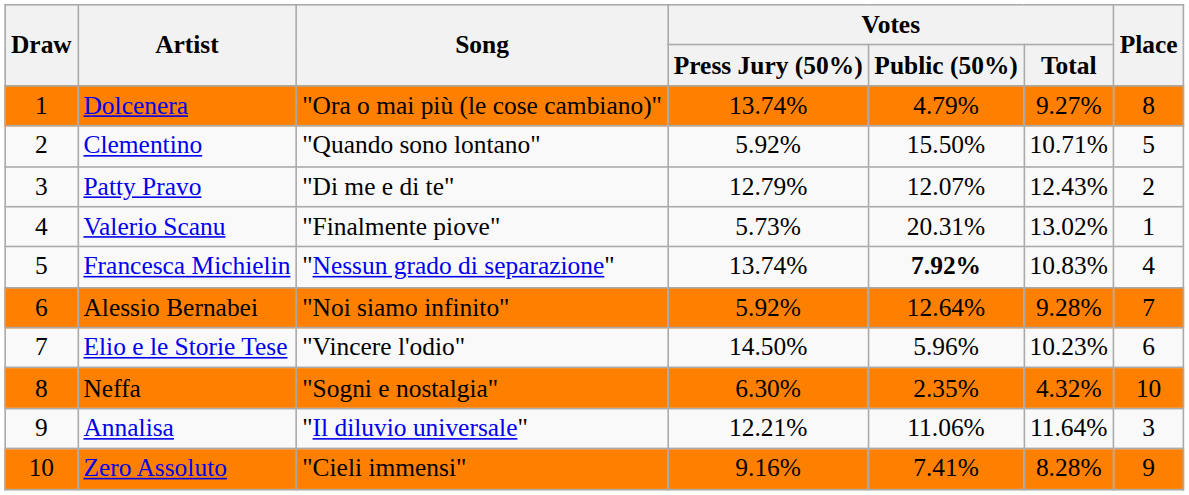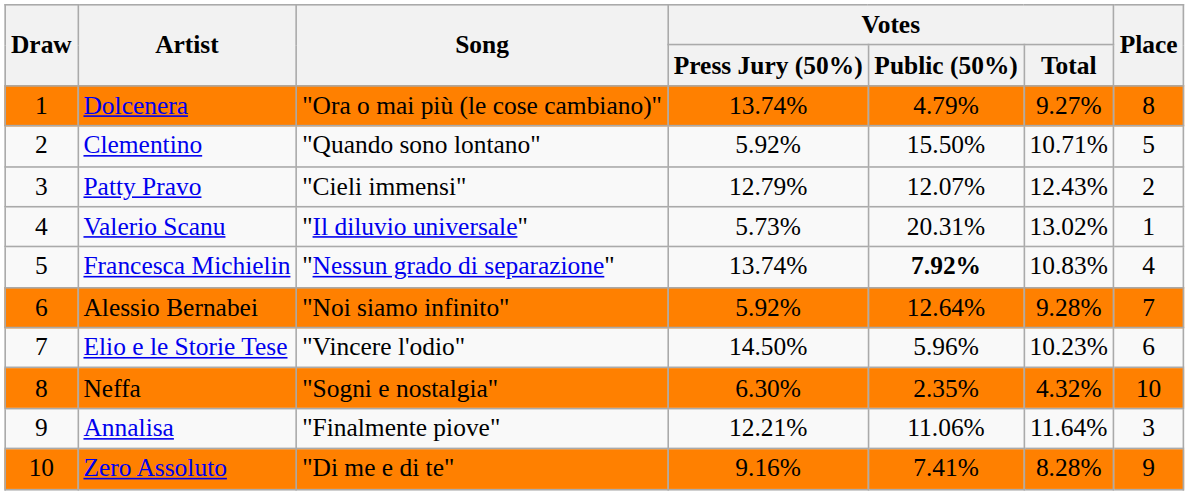 <table class="sortable wikitable" style="margin: 1em auto 1em auto; text-align:center">
 <tr>
 <th rowspan="2">Draw</th>
 <th rowspan="2">Artist</th>
 <th rowspan="2">Song</th>
 <th colspan="3" class="unsortable">Votes</th>
 <th rowspan="2">Place</th>
 </tr>
 <tr>
 <th>Press Jury (50%)</th>
 <th>Public (50%)</th>
 <th>Total</th>
 </tr>
 <tr style="background:#FF8000">
 <td>1</td>
 <td align="left"><a href='#'>Dolcenera</a></td>
 <td align="left">"Ora o mai più (le cose cambiano)"</td>
 <td>13.74%</td>
 <td>4.79%</td>
 <td>9.27%</td>
 <td>8</td>
 </tr>
 <tr>
 <td>2</td>
 <td align="left"><a href='#'>Clementino</a></td>
 <td align="left">"Quando sono lontano"</td>
 <td>5.92%</td>
 <td>15.50%</td>
 <td>10.71%</td>
 <td>5</td>
 </tr>
 <tr>
 <td>3</td>
 <td align="left"><a href='#'>Patty Pravo</a></td>
-<td align="left">"Di me e di te"</td>
+<td align="left">"Cieli immensi"</td>
 <td>12.79%</td>
 <td>12.07%</td>
 <td>12.43%</td>
 <td>2</td>
 </tr>
 <tr>
 <td>4</td>
 <td align="left"><a href='#'>Valerio Scanu</a></td>
-<td align="left">"Finalmente piove"</td>
+<td align="left">"<a href='#'>Il diluvio universale</a>"</td>
 <td>5.73%</td>
 <td>20.31%</td>
 <td>13.02%</td>
 <td>1</td>
 </tr>
 <tr>
 <td>5</td>
 <td align="left"><a href='#'>Francesca Michielin</a></td>
 <td align="left">"<a href='#'>Nessun grado di separazione</a>"</td>
 <td>13.74%</td>
 <td><strong>7.92%</strong></td>
 <td>10.83%</td>
 <td>4</td>
 </tr>
 <tr style="background:#FF8000">
 <td>6</td>
 <td align="left">Alessio Bernabei</td>
 <td align="left">"Noi siamo infinito"</td>
 <td>5.92%</td>
 <td>12.64%</td>
 <td>9.28%</td>
 <td>7</td>
 </tr>
 <tr>
 <td>7</td>
 <td align="left"><a href='#'>Elio e le Storie Tese</a></td>
 <td align="left">"Vincere l'odio"</td>
 <td>14.50%</td>
 <td>5.96%</td>
 <td>10.23%</td>
 <td>6</td>
 </tr>
 <tr style="background:#FF8000">
 <td>8</td>
 <td align="left">Neffa</td>
 <td align="left">"Sogni e nostalgia"</td>
 <td>6.30%</td>
 <td>2.35%</td>
 <td>4.32%</td>
 <td>10</td>
 </tr>
 <tr>
 <td>9</td>
 <td align="left"><a href='#'>Annalisa</a></td>
-<td align="left">"<a href='#'>Il diluvio universale</a>"</td>
+<td align="left">"Finalmente piove"</td>
 <td>12.21%</td>
 <td>11.06%</td>
 <td>11.64%</td>
 <td>3</td>
 </tr>
 <tr style="background:#FF8000">
 <td>10</td>
 <td align="left"><a href='#'>Zero Assoluto</a></td>
-<td align="left">"Cieli immensi"</td>
+<td align="left">"Di me e di te"</td>
 <td>9.16%</td>
 <td>7.41%</td>
 <td>8.28%</td>
 <td>9</td>
 </tr>
 </table>
